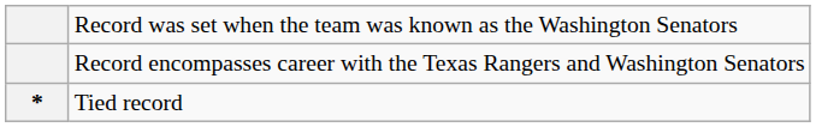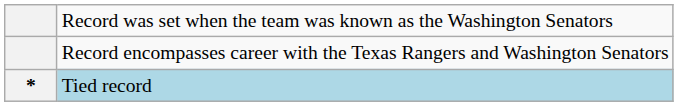 <table class="wikitable plainrowheaders" style="font-size:85%">
 <tr>
 <th scope="row" style="text-align:center;" col width="30px"></th>
 <td>Record was set when the team was known as the Washington Senators</td>
 </tr>
 <tr>
 <th scope="row" style="text-align:center"></th>
 <td>Record encompasses career with the Texas Rangers and Washington Senators</td>
 </tr>
 <tr>
 <th scope="row" style="text-align:center">*</th>
-<td>Tied record</td>
+<td style="background: lightblue;">Tied record</td>
 </tr>
 </table>
